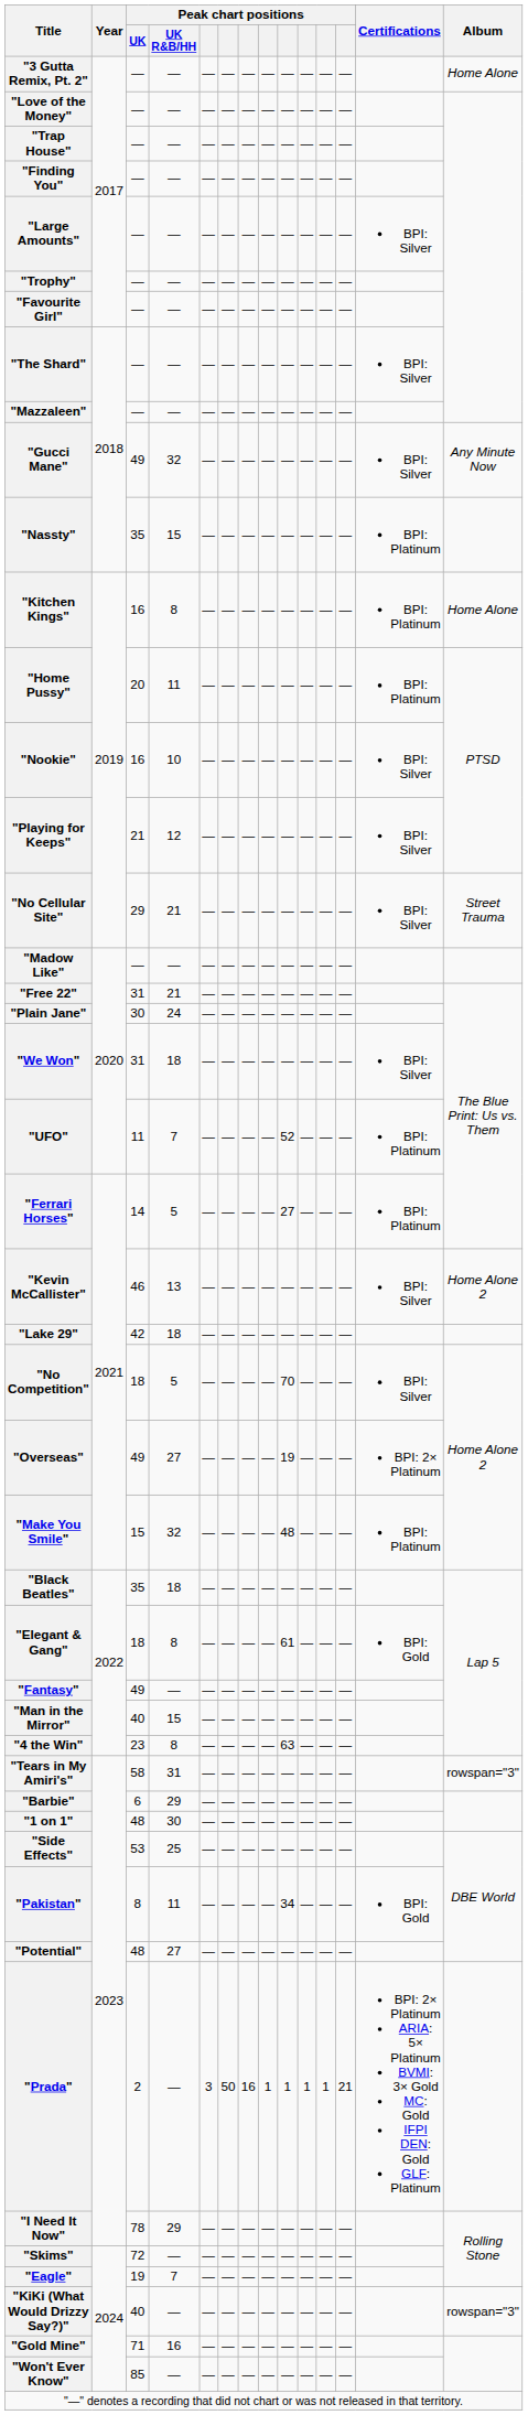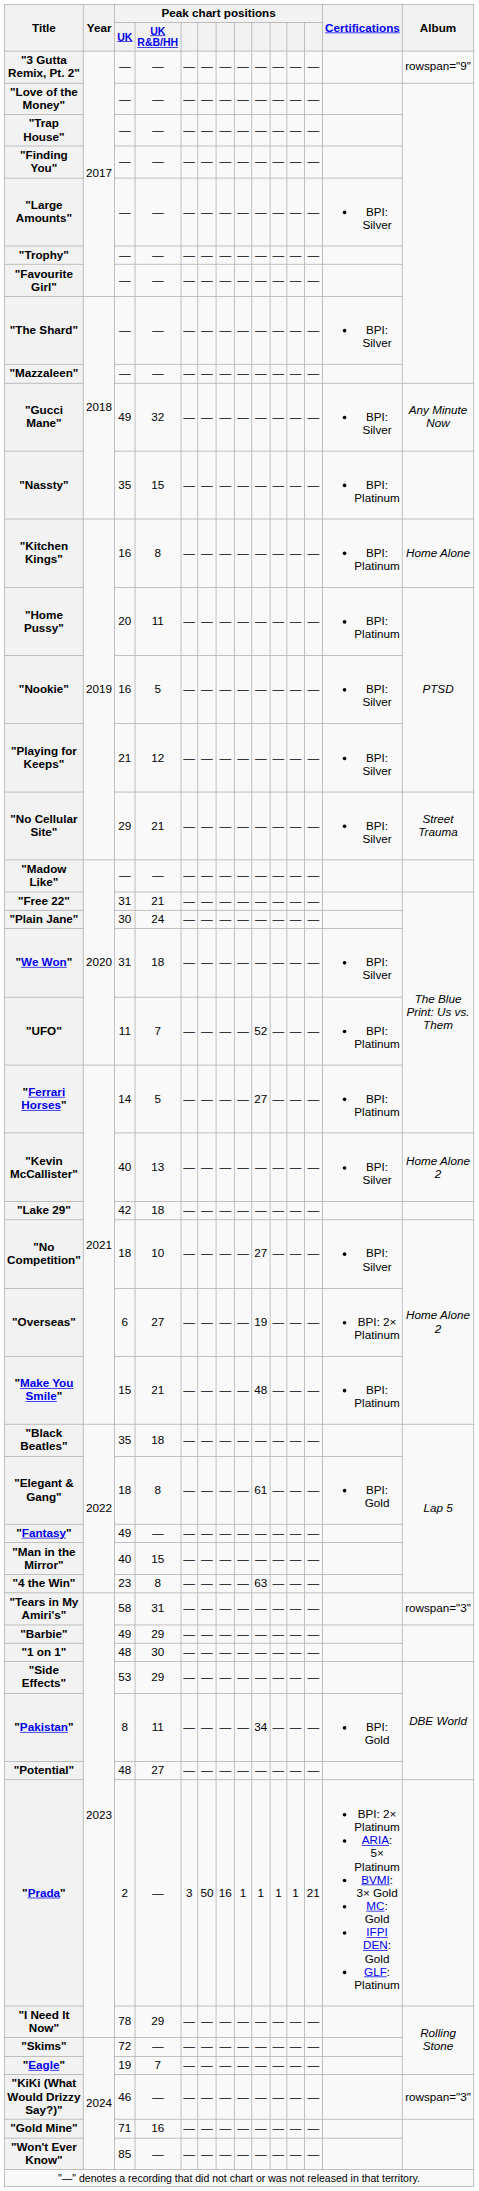 <table class="wikitable plainrowheaders" style="text-align:center;">
 <tr>
 <th scope="col" rowspan="2" style="width:22.5em;">Title</th>
 <th scope="col" rowspan="2" style="width:1em;">Year</th>
 <th scope="col" colspan="10">Peak chart positions</th>
 <th scope="col" rowspan="2" style="width:13em;"><a href='#'>Certifications</a></th>
 <th scope="col" rowspan="2" style="width:14em;">Album</th>
 </tr>
 <tr>
 <th scope="col" style="width:2.5em;font-size:90%;"><a href='#'>UK</a><br></th>
 <th scope="col" style="width:2.5em;font-size:90%;"><a href='#'>UK<br>R&B/HH</a><br></th>
 <th scope="col" style="width:2.5em;font-size:90%;"><a href='#'></a><br></th>
 <th scope="col" style="width:2.5em;font-size:90%;"><a href='#'></a><br></th>
 <th scope="col" style="width:2.5em;font-size:90%;"><a href='#'></a><br></th>
 <th scope="col" style="width:2.5em;font-size:90%;"><a href='#'></a><br></th>
 <th scope="col" style="width:2.5em;font-size:90%;"><a href='#'></a><br></th>
 <th scope="col" style="width:2.5em;font-size:90%;"><a href='#'></a><br></th>
 <th scope="col" style="width:2.5em;font-size:90%;"><a href='#'></a><br></th>
 <th scope="col" style="width:2.5em;font-size:90%;"><a href='#'></a><br></th>
 </tr>
 <tr>
 <th scope="row">"3 Gutta Remix, Pt. 2"<br></th>
 <td rowspan="7">2017</td>
 <td>—</td>
 <td>—</td>
 <td>—</td>
 <td>—</td>
 <td>—</td>
 <td>—</td>
 <td>—</td>
 <td>—</td>
 <td>—</td>
 <td>—</td>
 <td></td>
-<td><em>Home Alone</em></td>
+<td>rowspan="9" </td>
 </tr>
 <tr>
 <th scope="row">"Love of the Money"</th>
 <td>—</td>
 <td>—</td>
 <td>—</td>
 <td>—</td>
 <td>—</td>
 <td>—</td>
 <td>—</td>
 <td>—</td>
 <td>—</td>
 <td>—</td>
 <td></td>
 </tr>
 <tr>
 <th scope="row">"Trap House"</th>
 <td>—</td>
 <td>—</td>
 <td>—</td>
 <td>—</td>
 <td>—</td>
 <td>—</td>
 <td>—</td>
 <td>—</td>
 <td>—</td>
 <td>—</td>
 <td></td>
 </tr>
 <tr>
 <th scope="row">"Finding You"<br></th>
 <td>—</td>
 <td>—</td>
 <td>—</td>
 <td>—</td>
 <td>—</td>
 <td>—</td>
 <td>—</td>
 <td>—</td>
 <td>—</td>
 <td>—</td>
 <td></td>
 </tr>
 <tr>
 <th scope="row">"Large Amounts"<br></th>
 <td>—</td>
 <td>—</td>
 <td>—</td>
 <td>—</td>
 <td>—</td>
 <td>—</td>
 <td>—</td>
 <td>—</td>
 <td>—</td>
 <td>—</td>
 <td><br><ul><li>BPI: Silver</li></ul></td>
 </tr>
 <tr>
 <th scope="row">"Trophy"<br></th>
 <td>—</td>
 <td>—</td>
 <td>—</td>
 <td>—</td>
 <td>—</td>
 <td>—</td>
 <td>—</td>
 <td>—</td>
 <td>—</td>
 <td>—</td>
 <td></td>
 </tr>
 <tr>
 <th scope="row">"Favourite Girl"<br></th>
 <td>—</td>
 <td>—</td>
 <td>—</td>
 <td>—</td>
 <td>—</td>
 <td>—</td>
 <td>—</td>
 <td>—</td>
 <td>—</td>
 <td>—</td>
 <td></td>
 </tr>
 <tr>
 <th scope="row">"The Shard"</th>
 <td rowspan="4">2018</td>
 <td>—</td>
 <td>—</td>
 <td>—</td>
 <td>—</td>
 <td>—</td>
 <td>—</td>
 <td>—</td>
 <td>—</td>
 <td>—</td>
 <td>—</td>
 <td><br><ul><li>BPI: Silver</li></ul></td>
 </tr>
 <tr>
 <th scope="row">"Mazzaleen"</th>
 <td>—</td>
 <td>—</td>
 <td>—</td>
 <td>—</td>
 <td>—</td>
 <td>—</td>
 <td>—</td>
 <td>—</td>
 <td>—</td>
 <td>—</td>
 <td></td>
 </tr>
 <tr>
 <th scope="row">"Gucci Mane"<br></th>
 <td>49</td>
 <td>32</td>
 <td>—</td>
 <td>—</td>
 <td>—</td>
 <td>—</td>
 <td>—</td>
 <td>—</td>
 <td>—</td>
 <td>—</td>
 <td><br><ul><li>BPI: Silver</li></ul></td>
 <td><em>Any Minute Now</em></td>
 </tr>
 <tr>
 <th scope="row">"Nassty"<br></th>
 <td>35</td>
 <td>15</td>
 <td>—</td>
 <td>—</td>
 <td>—</td>
 <td>—</td>
 <td>—</td>
 <td>—</td>
 <td>—</td>
 <td>—</td>
 <td><br><ul><li>BPI: Platinum</li></ul></td>
 <td></td>
 </tr>
 <tr>
 <th scope="row">"Kitchen Kings"</th>
 <td rowspan="5">2019</td>
 <td>16</td>
 <td>8</td>
 <td>—</td>
 <td>—</td>
 <td>—</td>
 <td>—</td>
 <td>—</td>
 <td>—</td>
 <td>—</td>
 <td>—</td>
 <td><br><ul><li>BPI: Platinum</li></ul></td>
 <td><em>Home Alone</em></td>
 </tr>
 <tr>
 <th scope="row">"Home Pussy"</th>
 <td>20</td>
 <td>11</td>
 <td>—</td>
 <td>—</td>
 <td>—</td>
 <td>—</td>
 <td>—</td>
 <td>—</td>
 <td>—</td>
 <td>—</td>
 <td><br><ul><li>BPI: Platinum</li></ul></td>
 <td rowspan="3"><em>PTSD</em></td>
 </tr>
 <tr>
 <th scope="row">"Nookie"<br></th>
 <td>16</td>
-<td>10</td>
+<td>5</td>
 <td>—</td>
 <td>—</td>
 <td>—</td>
 <td>—</td>
 <td>—</td>
 <td>—</td>
 <td>—</td>
 <td>—</td>
 <td><br><ul><li>BPI: Silver</li></ul></td>
 </tr>
 <tr>
 <th scope="row">"Playing for Keeps"<br></th>
 <td>21</td>
 <td>12</td>
 <td>—</td>
 <td>—</td>
 <td>—</td>
 <td>—</td>
 <td>—</td>
 <td>—</td>
 <td>—</td>
 <td>—</td>
 <td><br><ul><li>BPI: Silver</li></ul></td>
 </tr>
 <tr>
 <th scope="row">"No Cellular Site"</th>
 <td>29</td>
 <td>21</td>
 <td>—</td>
 <td>—</td>
 <td>—</td>
 <td>—</td>
 <td>—</td>
 <td>—</td>
 <td>—</td>
 <td>—</td>
 <td><br><ul><li>BPI: Silver</li></ul></td>
 <td><em>Street Trauma</em></td>
 </tr>
 <tr>
 <th scope="row">"Madow Like"</th>
 <td rowspan="5">2020</td>
 <td>—</td>
 <td>—</td>
 <td>—</td>
 <td>—</td>
 <td>—</td>
 <td>—</td>
 <td>—</td>
 <td>—</td>
 <td>—</td>
 <td>—</td>
 <td></td>
 <td></td>
 </tr>
 <tr>
 <th scope="row">"Free 22"</th>
 <td>31</td>
 <td>21</td>
 <td>—</td>
 <td>—</td>
 <td>—</td>
 <td>—</td>
 <td>—</td>
 <td>—</td>
 <td>—</td>
 <td>—</td>
 <td></td>
 <td rowspan="5"><em>The Blue Print: Us vs. Them</em></td>
 </tr>
 <tr>
 <th scope="row">"Plain Jane"</th>
 <td>30</td>
 <td>24</td>
 <td>—</td>
 <td>—</td>
 <td>—</td>
 <td>—</td>
 <td>—</td>
 <td>—</td>
 <td>—</td>
 <td>—</td>
 <td></td>
 </tr>
 <tr>
 <th scope="row">"<a href='#'>We Won</a>"</th>
 <td>31</td>
 <td>18</td>
 <td>—</td>
 <td>—</td>
 <td>—</td>
 <td>—</td>
 <td>—</td>
 <td>—</td>
 <td>—</td>
 <td>—</td>
 <td><br><ul><li>BPI: Silver</li></ul></td>
 </tr>
 <tr>
 <th scope="row">"UFO"<br></th>
 <td>11</td>
 <td>7</td>
 <td>—</td>
 <td>—</td>
 <td>—</td>
 <td>—</td>
 <td>52</td>
 <td>—</td>
 <td>—</td>
 <td>—</td>
 <td><br><ul><li>BPI: Platinum</li></ul></td>
 </tr>
 <tr>
 <th scope="row">"<a href='#'>Ferrari Horses</a>"<br></th>
 <td rowspan="6">2021</td>
 <td>14</td>
 <td>5</td>
 <td>—</td>
 <td>—</td>
 <td>—</td>
 <td>—</td>
 <td>27</td>
 <td>—</td>
 <td>—</td>
 <td>—</td>
 <td><br><ul><li>BPI: Platinum</li></ul></td>
 </tr>
 <tr>
 <th scope="row">"Kevin McCallister"<br></th>
-<td>46</td>
+<td>40</td>
 <td>13</td>
 <td>—</td>
 <td>—</td>
 <td>—</td>
 <td>—</td>
 <td>—</td>
 <td>—</td>
 <td>—</td>
 <td>—</td>
 <td><br><ul><li>BPI: Silver</li></ul></td>
 <td><em>Home Alone 2</em></td>
 </tr>
 <tr>
 <th scope="row">"Lake 29"</th>
 <td>42</td>
 <td>18</td>
 <td>—</td>
 <td>—</td>
 <td>—</td>
 <td>—</td>
 <td>—</td>
 <td>—</td>
 <td>—</td>
 <td>—</td>
 <td></td>
 <td></td>
 </tr>
 <tr>
 <th scope="row">"No Competition"</th>
 <td>18</td>
-<td>5</td>
+<td>10</td>
 <td>—</td>
 <td>—</td>
 <td>—</td>
 <td>—</td>
-<td>70</td>
+<td>27</td>
 <td>—</td>
 <td>—</td>
 <td>—</td>
 <td><br><ul><li>BPI: Silver</li></ul></td>
 <td rowspan="3"><em>Home Alone 2</em></td>
 </tr>
 <tr>
 <th scope="row">"Overseas"<br></th>
-<td>49</td>
+<td>6</td>
 <td>27</td>
 <td>—</td>
 <td>—</td>
 <td>—</td>
 <td>—</td>
 <td>19</td>
 <td>—</td>
 <td>—</td>
 <td>—</td>
 <td><br><ul><li>BPI: 2× Platinum</li></ul></td>
 </tr>
 <tr>
 <th scope="row">"<a href='#'>Make You Smile</a>"<br></th>
 <td>15</td>
-<td>32</td>
+<td>21</td>
 <td>—</td>
 <td>—</td>
 <td>—</td>
 <td>—</td>
 <td>48</td>
 <td>—</td>
 <td>—</td>
 <td>—</td>
 <td><br><ul><li>BPI: Platinum</li></ul></td>
 </tr>
 <tr>
 <th scope="row">"Black Beatles"</th>
 <td rowspan="5">2022</td>
 <td>35</td>
 <td>18</td>
 <td>—</td>
 <td>—</td>
 <td>—</td>
 <td>—</td>
 <td>—</td>
 <td>—</td>
 <td>—</td>
 <td>—</td>
 <td></td>
 <td rowspan="5"><em>Lap 5</em></td>
 </tr>
 <tr>
 <th scope="row">"Elegant & Gang"<br></th>
 <td>18</td>
 <td>8</td>
 <td>—</td>
 <td>—</td>
 <td>—</td>
 <td>—</td>
 <td>61</td>
 <td>—</td>
 <td>—</td>
 <td>—</td>
 <td><br><ul><li>BPI: Gold</li></ul></td>
 </tr>
 <tr>
 <th scope="row">"<a href='#'>Fantasy</a>"</th>
 <td>49</td>
 <td>—</td>
 <td>—</td>
 <td>—</td>
 <td>—</td>
 <td>—</td>
 <td>—</td>
 <td>—</td>
 <td>—</td>
 <td>—</td>
 <td></td>
 </tr>
 <tr>
 <th scope="row">"Man in the Mirror"</th>
 <td>40</td>
 <td>15</td>
 <td>—</td>
 <td>—</td>
 <td>—</td>
 <td>—</td>
 <td>—</td>
 <td>—</td>
 <td>—</td>
 <td>—</td>
 <td></td>
 </tr>
 <tr>
 <th scope="row">"4 the Win"</th>
 <td>23</td>
 <td>8</td>
 <td>—</td>
 <td>—</td>
 <td>—</td>
 <td>—</td>
 <td>63</td>
 <td>—</td>
 <td>—</td>
 <td>—</td>
 <td></td>
 </tr>
 <tr>
 <th scope="row">"Tears in My Amiri's"</th>
 <td rowspan="8">2023</td>
 <td>58</td>
 <td>31</td>
 <td>—</td>
 <td>—</td>
 <td>—</td>
 <td>—</td>
 <td>—</td>
 <td>—</td>
 <td>—</td>
 <td>—</td>
 <td></td>
 <td>rowspan="3" </td>
 </tr>
 <tr>
 <th scope="row">"Barbie"</th>
-<td>6</td>
+<td>49</td>
 <td>29</td>
 <td>—</td>
 <td>—</td>
 <td>—</td>
 <td>—</td>
 <td>—</td>
 <td>—</td>
 <td>—</td>
 <td>—</td>
 <td></td>
 </tr>
 <tr>
 <th scope="row">"1 on 1"</th>
 <td>48</td>
 <td>30</td>
 <td>—</td>
 <td>—</td>
 <td>—</td>
 <td>—</td>
 <td>—</td>
 <td>—</td>
 <td>—</td>
 <td>—</td>
 <td></td>
 </tr>
 <tr>
 <th scope="row">"Side Effects"</th>
 <td>53</td>
-<td>25</td>
+<td>29</td>
 <td>—</td>
 <td>—</td>
 <td>—</td>
 <td>—</td>
 <td>—</td>
 <td>—</td>
 <td>—</td>
 <td>—</td>
 <td></td>
 <td rowspan="3"><em>DBE World</em></td>
 </tr>
 <tr>
 <th scope="row">"<a href='#'>Pakistan</a>"<br></th>
 <td>8</td>
 <td>11</td>
 <td>—</td>
 <td>—</td>
 <td>—</td>
 <td>—</td>
 <td>34</td>
 <td>—</td>
 <td>—</td>
 <td>—</td>
 <td><br><ul><li>BPI: Gold</li></ul></td>
 </tr>
 <tr>
 <th scope="row">"Potential"</th>
 <td>48</td>
 <td>27</td>
 <td>—</td>
 <td>—</td>
 <td>—</td>
 <td>—</td>
 <td>—</td>
 <td>—</td>
 <td>—</td>
 <td>—</td>
 <td></td>
 </tr>
 <tr>
 <th scope="row">"<a href='#'>Prada</a>"<br></th>
 <td>2</td>
 <td>—</td>
 <td>3</td>
 <td>50</td>
 <td>16</td>
 <td>1</td>
 <td>1</td>
 <td>1</td>
 <td>1</td>
 <td>21</td>
 <td><br><ul><li>BPI: 2× Platinum</li><li><a href='#'>ARIA</a>: 5× Platinum</li><li><a href='#'>BVMI</a>: 3× Gold</li><li><a href='#'>MC</a>: Gold</li><li><a href='#'>IFPI DEN</a>: Gold</li><li><a href='#'>GLF</a>: Platinum</li></ul></td>
 <td></td>
 </tr>
 <tr>
 <th scope="row">"I Need It Now"</th>
 <td>78</td>
 <td>29</td>
 <td>—</td>
 <td>—</td>
 <td>—</td>
 <td>—</td>
 <td>—</td>
 <td>—</td>
 <td>—</td>
 <td>—</td>
 <td></td>
 <td rowspan="3"><em>Rolling Stone</em></td>
 </tr>
 <tr>
 <th scope="row">"Skims"</th>
 <td rowspan="5">2024</td>
 <td>72</td>
 <td>—</td>
 <td>—</td>
 <td>—</td>
 <td>—</td>
 <td>—</td>
 <td>—</td>
 <td>—</td>
 <td>—</td>
 <td>—</td>
 <td></td>
 </tr>
 <tr>
 <th scope="row">"<a href='#'>Eagle</a>"<br></th>
 <td>19</td>
 <td>7</td>
 <td>—</td>
 <td>—</td>
 <td>—</td>
 <td>—</td>
 <td>—</td>
 <td>—</td>
 <td>—</td>
 <td>—</td>
 <td></td>
 </tr>
 <tr>
 <th scope="row">"KiKi (What Would Drizzy Say?)"</th>
-<td>40</td>
+<td>46</td>
 <td>—</td>
 <td>—</td>
 <td>—</td>
 <td>—</td>
 <td>—</td>
 <td>—</td>
 <td>—</td>
 <td>—</td>
 <td>—</td>
 <td></td>
 <td>rowspan="3" </td>
 </tr>
 <tr>
 <th scope="row">"Gold Mine"<br></th>
 <td>71</td>
 <td>16</td>
 <td>—</td>
 <td>—</td>
 <td>—</td>
 <td>—</td>
 <td>—</td>
 <td>—</td>
 <td>—</td>
 <td>—</td>
 <td></td>
 </tr>
 <tr>
 <th scope="row">"Won't Ever Know"<br></th>
 <td>85</td>
 <td>—</td>
 <td>—</td>
 <td>—</td>
 <td>—</td>
 <td>—</td>
 <td>—</td>
 <td>—</td>
 <td>—</td>
 <td>—</td>
 <td></td>
 </tr>
 <tr>
 <td colspan="14" style="font-size:90%">"—" denotes a recording that did not chart or was not released in that territory.</td>
 </tr>
 </table>
